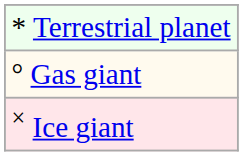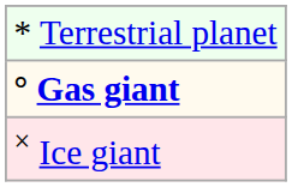 <table class="wikitable" style="text-align: left; background-color: #eaeaea;">
 <tr>
 <td style="background-color: #eeffee; vertical-align: top;">*  <a href='#'>Terrestrial planet</a></td>
 </tr>
 <tr>
-<td style="background-color: #fffaee; vertical-align: top;">°  <a href='#'>Gas giant</a></td>
+<td style="background-color: #fffaee; vertical-align: top;"><strong>°  <a href='#'>Gas giant</a></strong></td>
 </tr>
 <tr>
 <td style="background-color: #ffe6ea; vertical-align: top;"><sup>×</sup>  <a href='#'>Ice giant</a></td>
 </tr>
 </table>
